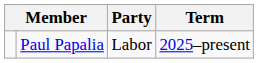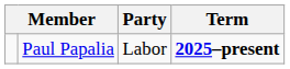 <table class="wikitable">
 <tr>
 <th colspan="2">Member</th>
 <th>Party</th>
 <th>Term</th>
 </tr>
 <tr>
 <td> </td>
 <td><a href='#'>Paul Papalia</a></td>
 <td>Labor</td>
-<td><a href='#'>2025</a>–present</td>
+<td><strong><a href='#'>2025</a>–present</strong></td>
 </tr>
 </table>
